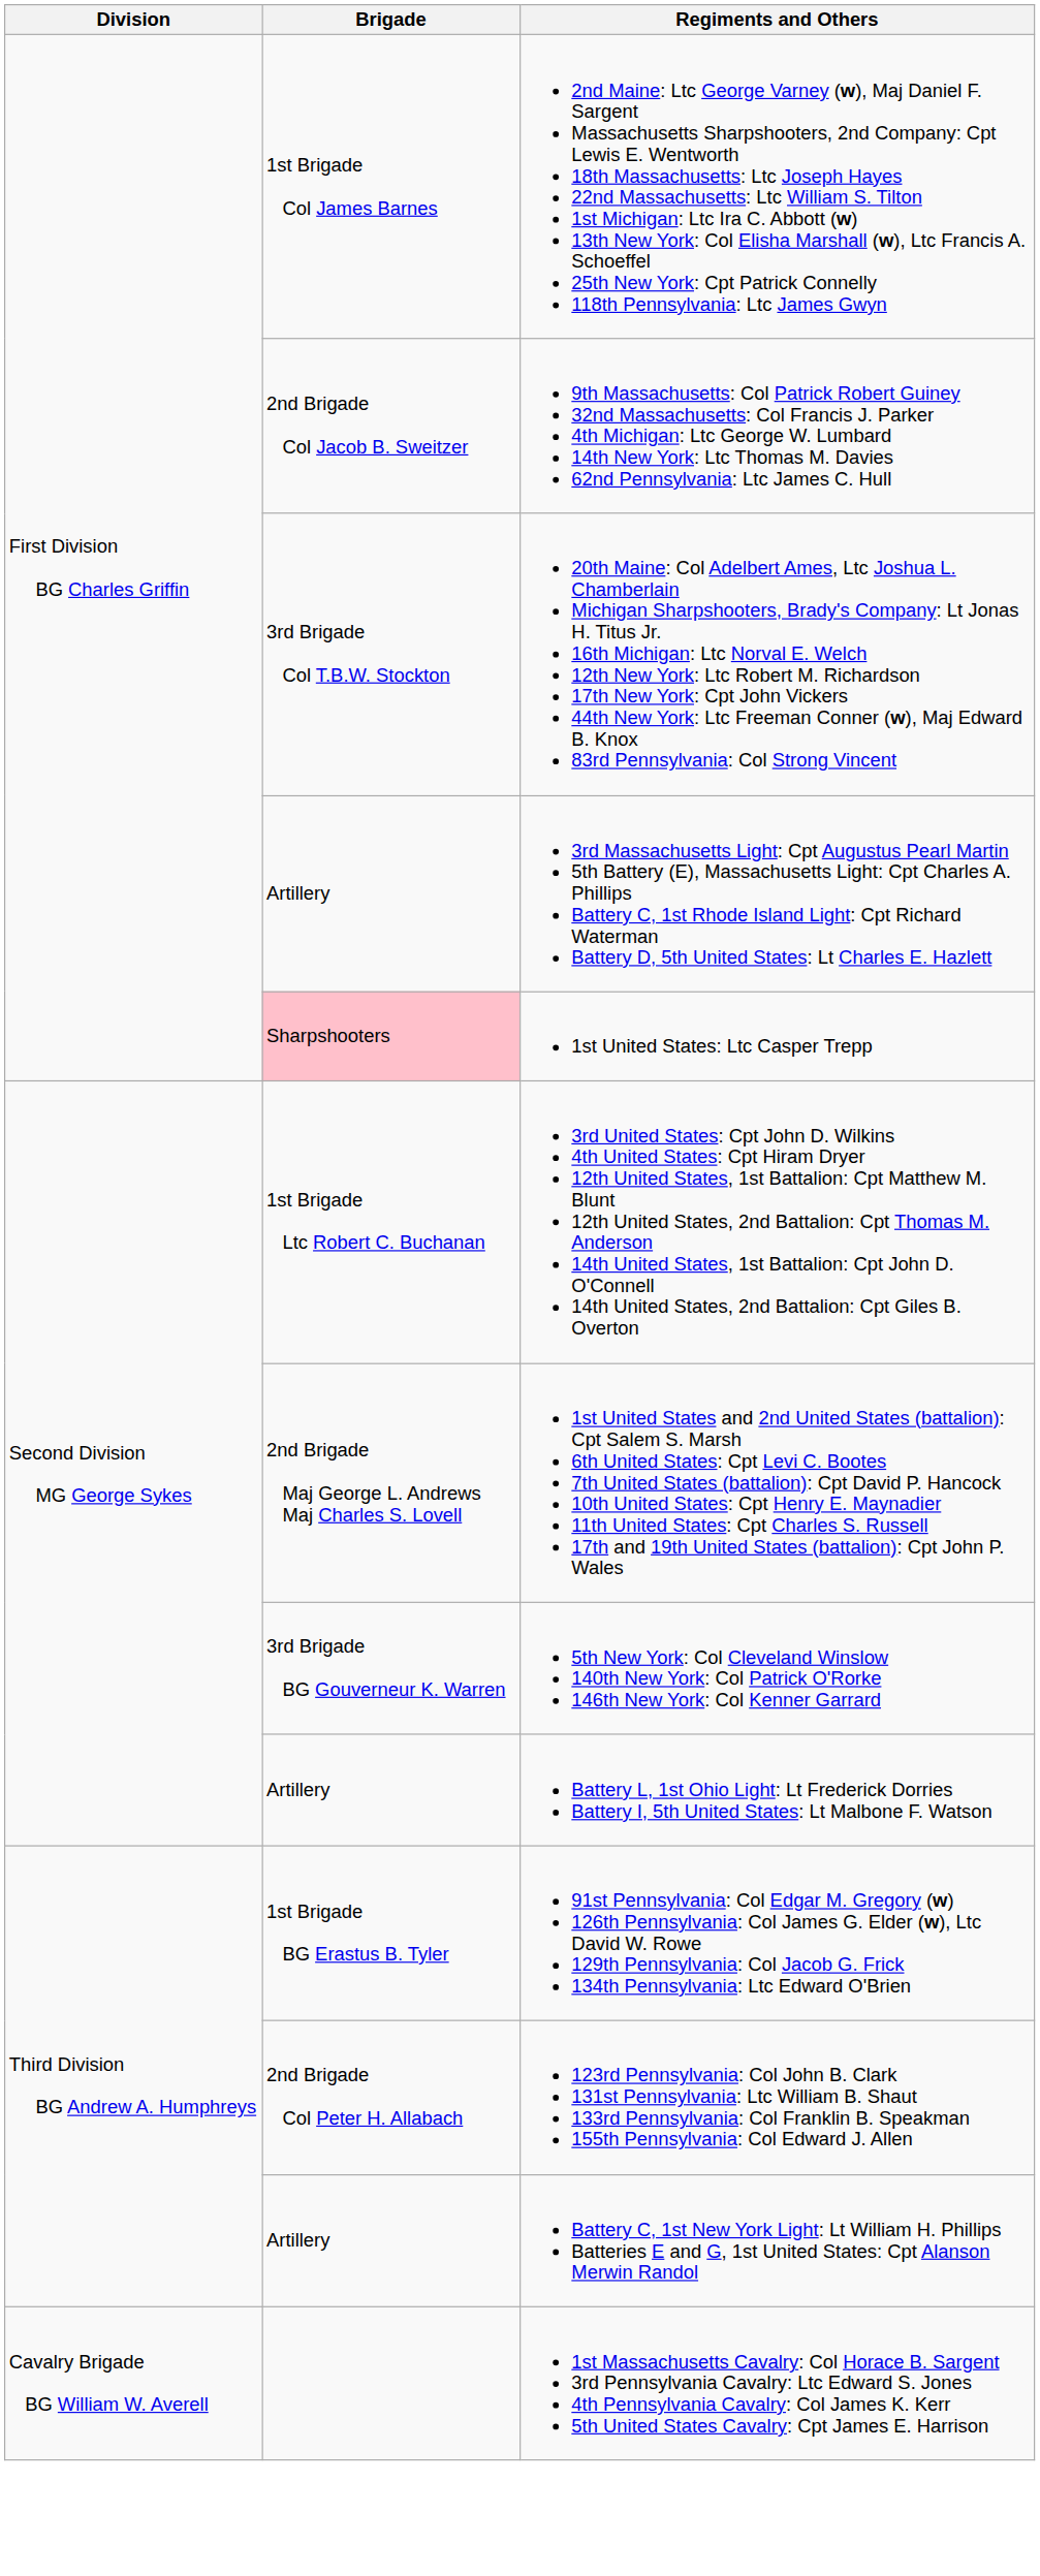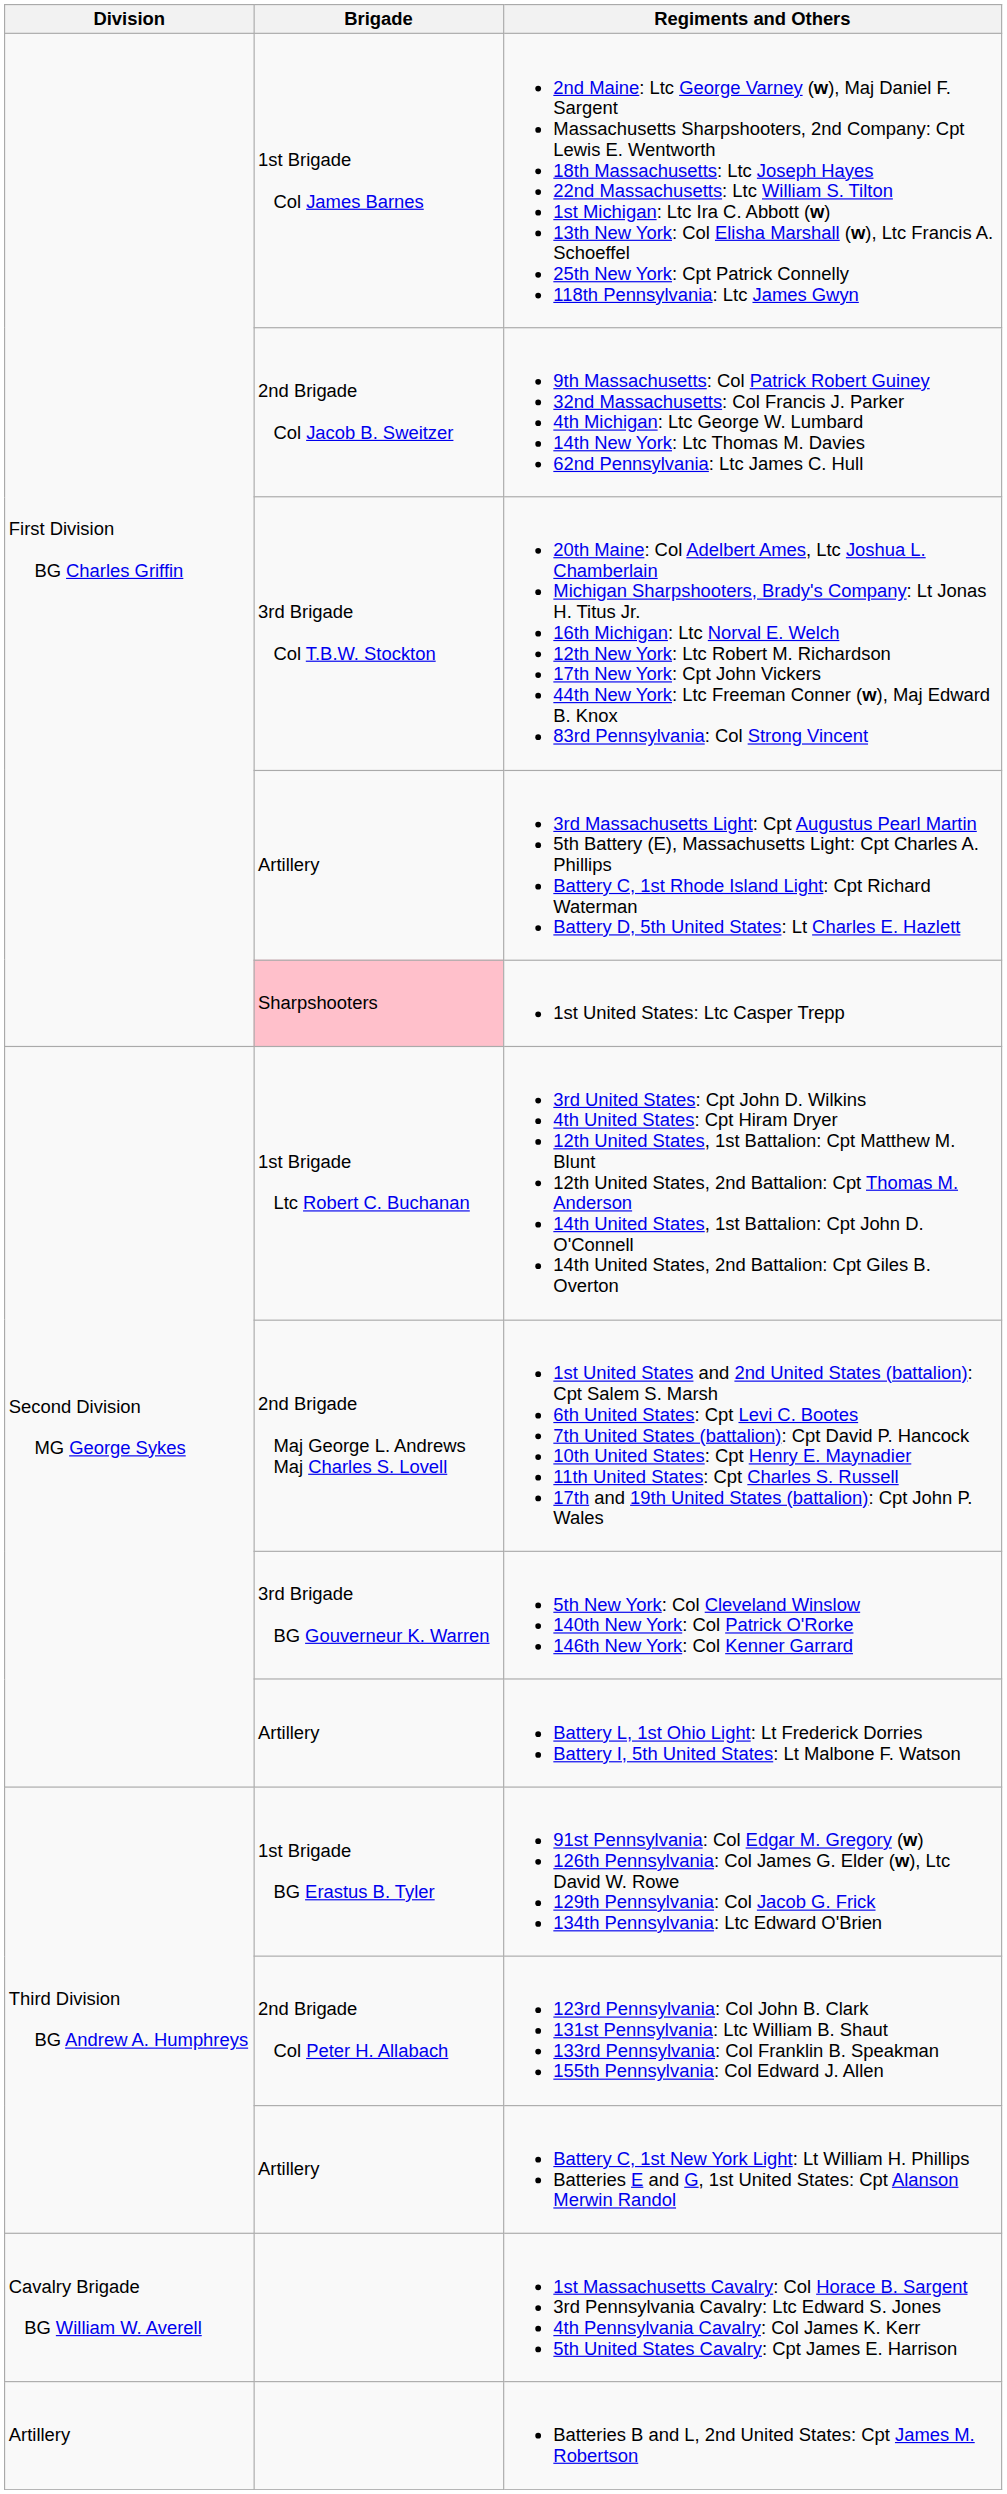 <table class="wikitable">
 <tr>
 <th width=25%>Division</th>
 <th width=25%>Brigade</th>
 <th>Regiments and Others</th>
 </tr>
 <tr>
 <td rowspan=5><br>First Division<br><br>     BG <a href='#'>Charles Griffin</a></td>
 <td>1st Brigade<br><br>   Col <a href='#'>James Barnes</a></td>
 <td><br><ul><li><a href='#'>2nd Maine</a>: Ltc <a href='#'>George Varney</a> (<strong>w</strong>), Maj Daniel F. Sargent</li><li>Massachusetts Sharpshooters, 2nd Company: Cpt Lewis E. Wentworth</li><li><a href='#'>18th Massachusetts</a>: Ltc <a href='#'>Joseph Hayes</a></li><li><a href='#'>22nd Massachusetts</a>: Ltc <a href='#'>William S. Tilton</a></li><li><a href='#'>1st Michigan</a>: Ltc Ira C. Abbott (<strong>w</strong>)</li><li><a href='#'>13th New York</a>: Col <a href='#'>Elisha Marshall</a> (<strong>w</strong>), Ltc Francis A. Schoeffel</li><li><a href='#'>25th New York</a>: Cpt Patrick Connelly</li><li><a href='#'>118th Pennsylvania</a>: Ltc <a href='#'>James Gwyn</a></li></ul></td>
 </tr>
 <tr>
 <td>2nd Brigade<br><br>   Col <a href='#'>Jacob B. Sweitzer</a></td>
 <td><br><ul><li><a href='#'>9th Massachusetts</a>: Col <a href='#'>Patrick Robert Guiney</a></li><li><a href='#'>32nd Massachusetts</a>: Col Francis J. Parker</li><li><a href='#'>4th Michigan</a>: Ltc George W. Lumbard</li><li><a href='#'>14th New York</a>: Ltc Thomas M. Davies</li><li><a href='#'>62nd Pennsylvania</a>: Ltc James C. Hull</li></ul></td>
 </tr>
 <tr>
 <td>3rd Brigade<br><br>   Col <a href='#'>T.B.W. Stockton</a></td>
 <td><br><ul><li><a href='#'>20th Maine</a>: Col <a href='#'>Adelbert Ames</a>, Ltc <a href='#'>Joshua L. Chamberlain</a></li><li><a href='#'>Michigan Sharpshooters, Brady's Company</a>: Lt Jonas H. Titus Jr.</li><li><a href='#'>16th Michigan</a>: Ltc <a href='#'>Norval E. Welch</a></li><li><a href='#'>12th New York</a>: Ltc Robert M. Richardson</li><li><a href='#'>17th New York</a>: Cpt John Vickers</li><li><a href='#'>44th New York</a>: Ltc Freeman Conner (<strong>w</strong>), Maj Edward B. Knox</li><li><a href='#'>83rd Pennsylvania</a>: Col <a href='#'>Strong Vincent</a></li></ul></td>
 </tr>
 <tr>
 <td>Artillery</td>
 <td><br><ul><li><a href='#'>3rd Massachusetts Light</a>: Cpt <a href='#'>Augustus Pearl Martin</a></li><li>5th Battery (E), Massachusetts Light: Cpt Charles A. Phillips</li><li><a href='#'>Battery C, 1st Rhode Island Light</a>: Cpt Richard Waterman</li><li><a href='#'>Battery D, 5th United States</a>: Lt <a href='#'>Charles E. Hazlett</a></li></ul></td>
 </tr>
 <tr>
 <td style="background: pink;">Sharpshooters</td>
 <td><br><ul><li>1st United States: Ltc Casper Trepp</li></ul></td>
 </tr>
 <tr>
 <td rowspan=4><br>Second Division<br><br>     MG <a href='#'>George Sykes</a></td>
 <td>1st Brigade<br><br>   Ltc <a href='#'>Robert C. Buchanan</a></td>
 <td><br><ul><li><a href='#'>3rd United States</a>: Cpt John D. Wilkins</li><li><a href='#'>4th United States</a>: Cpt Hiram Dryer</li><li><a href='#'>12th United States</a>, 1st Battalion: Cpt Matthew M. Blunt</li><li>12th United States, 2nd Battalion: Cpt <a href='#'>Thomas M. Anderson</a></li><li><a href='#'>14th United States</a>, 1st Battalion: Cpt John D. O'Connell</li><li>14th United States, 2nd Battalion: Cpt Giles B. Overton</li></ul></td>
 </tr>
 <tr>
 <td>2nd Brigade<br><br>   Maj George L. Andrews <br>   Maj <a href='#'>Charles S. Lovell</a></td>
 <td><br><ul><li><a href='#'>1st United States</a> and <a href='#'>2nd United States (battalion)</a>: Cpt Salem S. Marsh</li><li><a href='#'>6th United States</a>: Cpt <a href='#'>Levi C. Bootes</a></li><li><a href='#'>7th United States (battalion)</a>: Cpt David P. Hancock</li><li><a href='#'>10th United States</a>: Cpt <a href='#'>Henry E. Maynadier</a></li><li><a href='#'>11th United States</a>: Cpt <a href='#'>Charles S. Russell</a></li><li><a href='#'>17th</a> and <a href='#'>19th United States (battalion)</a>: Cpt John P. Wales</li></ul></td>
 </tr>
 <tr>
 <td>3rd Brigade<br><br>   BG <a href='#'>Gouverneur K. Warren</a></td>
 <td><br><ul><li><a href='#'>5th New York</a>: Col <a href='#'>Cleveland Winslow</a></li><li><a href='#'>140th New York</a>: Col <a href='#'>Patrick O'Rorke</a></li><li><a href='#'>146th New York</a>: Col <a href='#'>Kenner Garrard</a></li></ul></td>
 </tr>
 <tr>
 <td>Artillery</td>
 <td><br><ul><li><a href='#'>Battery L, 1st Ohio Light</a>: Lt Frederick Dorries</li><li><a href='#'>Battery I, 5th United States</a>: Lt Malbone F. Watson</li></ul></td>
 </tr>
 <tr>
 <td rowspan=3><br>Third Division<br><br>     BG <a href='#'>Andrew A. Humphreys</a></td>
 <td>1st Brigade<br><br>   BG <a href='#'>Erastus B. Tyler</a></td>
 <td><br><ul><li><a href='#'>91st Pennsylvania</a>: Col <a href='#'>Edgar M. Gregory</a> (<strong>w</strong>)</li><li><a href='#'>126th Pennsylvania</a>: Col James G. Elder (<strong>w</strong>), Ltc David W. Rowe</li><li><a href='#'>129th Pennsylvania</a>: Col <a href='#'>Jacob G. Frick</a></li><li><a href='#'>134th Pennsylvania</a>: Ltc Edward O'Brien</li></ul></td>
 </tr>
 <tr>
 <td>2nd Brigade<br><br>   Col <a href='#'>Peter H. Allabach</a></td>
 <td><br><ul><li><a href='#'>123rd Pennsylvania</a>: Col John B. Clark</li><li><a href='#'>131st Pennsylvania</a>: Ltc William B. Shaut</li><li><a href='#'>133rd Pennsylvania</a>: Col Franklin B. Speakman</li><li><a href='#'>155th Pennsylvania</a>: Col Edward J. Allen</li></ul></td>
 </tr>
 <tr>
 <td>Artillery</td>
 <td><br><ul><li><a href='#'>Battery C, 1st New York Light</a>: Lt William H. Phillips</li><li>Batteries <a href='#'>E</a> and <a href='#'>G</a>, 1st United States: Cpt <a href='#'>Alanson Merwin Randol</a></li></ul></td>
 </tr>
 <tr>
 <td>Cavalry Brigade<br><br>   BG <a href='#'>William W. Averell</a></td>
 <td></td>
 <td><br><ul><li><a href='#'>1st Massachusetts Cavalry</a>: Col <a href='#'>Horace B. Sargent</a></li><li>3rd Pennsylvania Cavalry: Ltc Edward S. Jones</li><li><a href='#'>4th Pennsylvania Cavalry</a>: Col James K. Kerr</li><li><a href='#'>5th United States Cavalry</a>: Cpt James E. Harrison</li></ul></td>
 </tr>
+<tr>
+<td>Artillery</td>
+<td></td>
+<td><br><ul><li>Batteries B and L, 2nd United States: Cpt <a href='#'>James M. Robertson</a></li></ul></td>
+</tr>
 </table>
